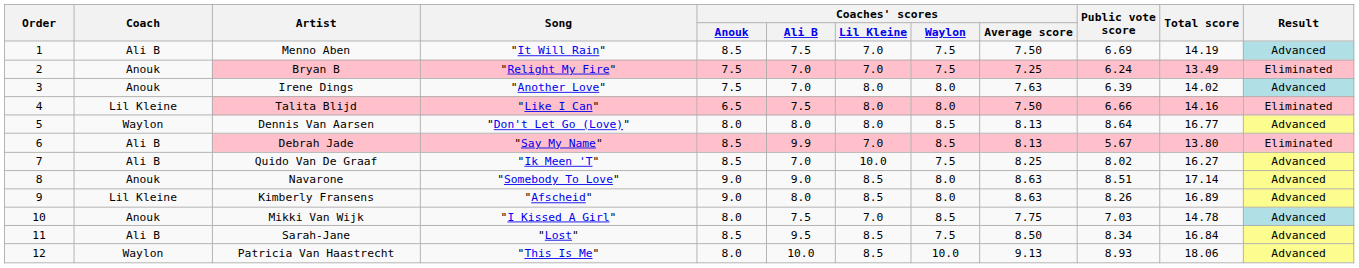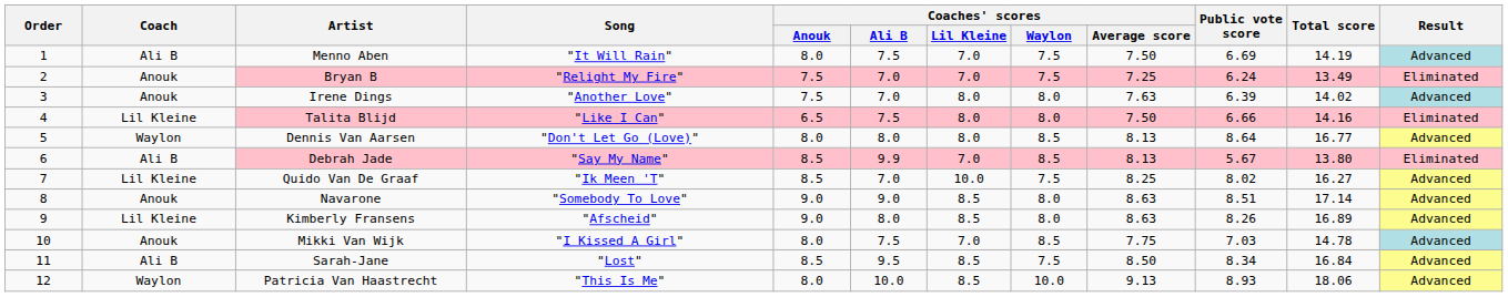 <table class="wikitable sortable" style="text-align:center; width:98%;">
 <tr>
 <th scope="col" rowspan="2" style="width:05%;">Order</th>
 <th scope="col" rowspan="2" style="width:10%;">Coach</th>
 <th scope="col" rowspan="2" style="width:15%;">Artist</th>
 <th scope="col" rowspan="2" style="width:20%;">Song</th>
 <th scope="col" colspan="5" style="width:20%;">Coaches' scores</th>
 <th scope="col" rowspan="2" style="width:6%;">Public vote score</th>
 <th scope="col" rowspan="2" style="width:6%;">Total score</th>
 <th scope="col" rowspan="2" style="width:8%;">Result</th>
 </tr>
 <tr>
 <th style="width:5%;"><a href='#'>Anouk</a></th>
 <th style="width:5%;"><a href='#'>Ali B</a></th>
 <th nowrap style="width:5%;"><a href='#'>Lil Kleine</a></th>
 <th style="width:5%;"><a href='#'>Waylon</a></th>
 <th style="width:7%;">Average score</th>
 </tr>
 <tr>
 <td>1</td>
 <td>Ali B</td>
 <td>Menno Aben</td>
 <td>"<a href='#'>It Will Rain</a>"</td>
-<td>8.5</td>
+<td>8.0</td>
 <td>7.5</td>
 <td>7.0</td>
 <td>7.5</td>
 <td>7.50</td>
 <td>6.69</td>
 <td>14.19</td>
 <td style="background:#B0E0E6">Advanced</td>
 </tr>
 <tr>
 <td>2</td>
 <td>Anouk</td>
 <td style="background:pink;">Bryan B</td>
 <td style="background:pink;">"<a href='#'>Relight My Fire</a>"</td>
 <td style="background:pink;">7.5</td>
 <td style="background:pink;">7.0</td>
 <td style="background:pink;">7.0</td>
 <td style="background:pink;">7.5</td>
 <td style="background:pink;">7.25</td>
 <td style="background:pink;">6.24</td>
 <td style="background:pink;">13.49</td>
 <td style="background:pink;">Eliminated</td>
 </tr>
 <tr>
 <td>3</td>
 <td>Anouk</td>
 <td>Irene Dings</td>
 <td>"<a href='#'>Another Love</a>"</td>
 <td>7.5</td>
 <td>7.0</td>
 <td>8.0</td>
 <td>8.0</td>
 <td>7.63</td>
 <td>6.39</td>
 <td>14.02</td>
 <td style="background:#B0E0E6">Advanced</td>
 </tr>
 <tr>
 <td>4</td>
 <td>Lil Kleine</td>
 <td style="background:pink;">Talita Blijd</td>
 <td style="background:pink;">"<a href='#'>Like I Can</a>"</td>
 <td style="background:pink;">6.5</td>
 <td style="background:pink;">7.5</td>
 <td style="background:pink;">8.0</td>
 <td style="background:pink;">8.0</td>
 <td style="background:pink;">7.50</td>
 <td style="background:pink;">6.66</td>
 <td style="background:pink;">14.16</td>
 <td style="background:pink;">Eliminated</td>
 </tr>
 <tr>
 <td>5</td>
 <td>Waylon</td>
 <td>Dennis Van Aarsen</td>
 <td>"<a href='#'>Don't Let Go (Love)</a>"</td>
 <td>8.0</td>
 <td>8.0</td>
 <td>8.0</td>
 <td>8.5</td>
 <td>8.13</td>
 <td>8.64</td>
 <td>16.77</td>
 <td style="background:#fdfc8f;">Advanced</td>
 </tr>
 <tr>
 <td>6</td>
 <td>Ali B</td>
 <td style="background:pink;">Debrah Jade</td>
 <td style="background:pink;">"<a href='#'>Say My Name</a>"</td>
 <td style="background:pink;">8.5</td>
 <td style="background:pink;">9.9</td>
 <td style="background:pink;">7.0</td>
 <td style="background:pink;">8.5</td>
 <td style="background:pink;">8.13</td>
 <td style="background:pink;">5.67</td>
 <td style="background:pink;">13.80</td>
 <td style="background:pink;">Eliminated</td>
 </tr>
 <tr>
 <td>7</td>
-<td>Ali B</td>
+<td>Lil Kleine</td>
 <td>Quido Van De Graaf</td>
 <td>"<a href='#'>Ik Meen 'T</a>"</td>
 <td>8.5</td>
 <td>7.0</td>
 <td>10.0</td>
 <td>7.5</td>
 <td>8.25</td>
 <td>8.02</td>
 <td>16.27</td>
 <td style="background:#fdfc8f;">Advanced</td>
 </tr>
 <tr>
 <td>8</td>
 <td>Anouk</td>
 <td>Navarone</td>
 <td>"<a href='#'>Somebody To Love</a>"</td>
 <td>9.0</td>
 <td>9.0</td>
 <td>8.5</td>
 <td>8.0</td>
 <td>8.63</td>
 <td>8.51</td>
 <td>17.14</td>
 <td style="background:#fdfc8f;">Advanced</td>
 </tr>
 <tr>
 <td>9</td>
 <td>Lil Kleine</td>
 <td>Kimberly Fransens</td>
 <td>"<a href='#'>Afscheid</a>"</td>
 <td>9.0</td>
 <td>8.0</td>
 <td>8.5</td>
 <td>8.0</td>
 <td>8.63</td>
 <td>8.26</td>
 <td>16.89</td>
 <td style="background:#fdfc8f;">Advanced</td>
 </tr>
 <tr>
 <td>10</td>
 <td>Anouk</td>
 <td>Mikki Van Wijk</td>
 <td>"<a href='#'>I Kissed A Girl</a>"</td>
 <td>8.0</td>
 <td>7.5</td>
 <td>7.0</td>
 <td>8.5</td>
 <td>7.75</td>
 <td>7.03</td>
 <td>14.78</td>
 <td style="background:#B0E0E6">Advanced</td>
 </tr>
 <tr>
 <td>11</td>
 <td>Ali B</td>
 <td>Sarah-Jane</td>
 <td>"<a href='#'>Lost</a>"</td>
 <td>8.5</td>
 <td>9.5</td>
 <td>8.5</td>
 <td>7.5</td>
 <td>8.50</td>
 <td>8.34</td>
 <td>16.84</td>
 <td style="background:#fdfc8f;">Advanced</td>
 </tr>
 <tr>
 <td>12</td>
 <td>Waylon</td>
 <td>Patricia Van Haastrecht</td>
 <td>"<a href='#'>This Is Me</a>"</td>
 <td>8.0</td>
 <td>10.0</td>
 <td>8.5</td>
 <td>10.0</td>
 <td>9.13</td>
 <td>8.93</td>
 <td>18.06</td>
 <td style="background:#fdfc8f;">Advanced</td>
 </tr>
 </table>
